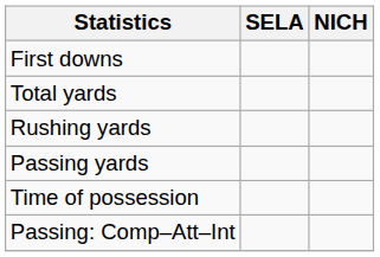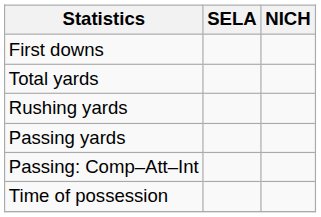 <table class="wikitable" style="float: left;">
 <tr>
 <th>Statistics</th>
 <th>SELA</th>
 <th>NICH</th>
 </tr>
 <tr>
 <td>First downs</td>
 <td></td>
 <td></td>
 </tr>
 <tr>
 <td>Total yards</td>
 <td></td>
 <td></td>
 </tr>
 <tr>
 <td>Rushing yards</td>
 <td></td>
 <td></td>
 </tr>
 <tr>
 <td>Passing yards</td>
 <td></td>
 <td></td>
 </tr>
 <tr>
-<td>Time of possession</td>
+<td>Passing: Comp–Att–Int</td>
 <td></td>
 <td></td>
 </tr>
 <tr>
-<td>Passing: Comp–Att–Int</td>
+<td>Time of possession</td>
 <td></td>
 <td></td>
 </tr>
 <tr>
 </tr>
 </table>
